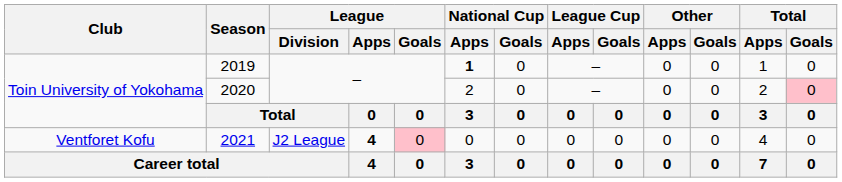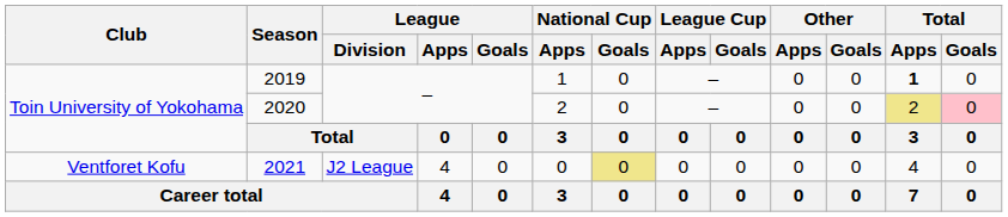 <table class="wikitable" style="text-align: center">
 <tr>
 <th rowspan="2">Club</th>
 <th rowspan="2">Season</th>
 <th colspan="3">League</th>
 <th colspan="2">National Cup</th>
 <th colspan="2">League Cup</th>
 <th colspan="2">Other</th>
 <th colspan="2">Total</th>
 </tr>
 <tr>
 <th>Division</th>
 <th>Apps</th>
 <th>Goals</th>
 <th>Apps</th>
 <th>Goals</th>
 <th>Apps</th>
 <th>Goals</th>
 <th>Apps</th>
 <th>Goals</th>
 <th>Apps</th>
 <th>Goals</th>
 </tr>
 <tr>
 <td rowspan="3"><a href='#'>Toin University of Yokohama</a></td>
 <td>2019</td>
 <td colspan="3" rowspan="2">–</td>
-<td><strong>1</strong></td>
+<td>1</td>
 <td>0</td>
 <td colspan="2">–</td>
 <td>0</td>
 <td>0</td>
-<td>1</td>
+<td><strong>1</strong></td>
 <td>0</td>
 </tr>
 <tr>
 <td>2020</td>
 <td>2</td>
 <td>0</td>
 <td colspan="2">–</td>
 <td>0</td>
 <td>0</td>
-<td>2</td>
+<td style="background: khaki;">2</td>
 <td style="background: pink;">0</td>
 </tr>
 <tr>
 <th colspan=2>Total</th>
 <th>0</th>
 <th>0</th>
 <th>3</th>
 <th>0</th>
 <th>0</th>
 <th>0</th>
 <th>0</th>
 <th>0</th>
 <th>3</th>
 <th>0</th>
 </tr>
 <tr>
 <td><a href='#'>Ventforet Kofu</a></td>
 <td><a href='#'>2021</a></td>
 <td><a href='#'>J2 League</a></td>
-<td><strong>4</strong></td>
-<td style="background: pink;">0</td>
+<td>4</td>
 <td>0</td>
 <td>0</td>
+<td style="background: khaki;">0</td>
 <td>0</td>
 <td>0</td>
 <td>0</td>
 <td>0</td>
 <td>4</td>
 <td>0</td>
 </tr>
 <tr>
 <th colspan=3>Career total</th>
 <th>4</th>
 <th>0</th>
 <th>3</th>
 <th>0</th>
 <th>0</th>
 <th>0</th>
 <th>0</th>
 <th>0</th>
 <th>7</th>
 <th>0</th>
 </tr>
 </table>
